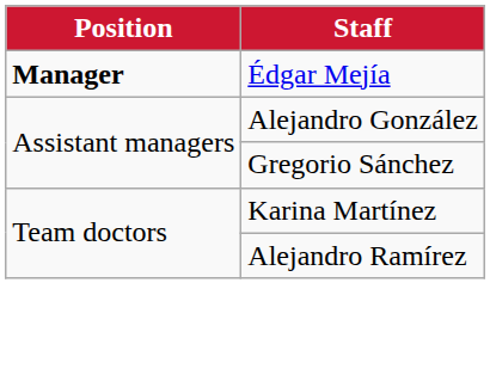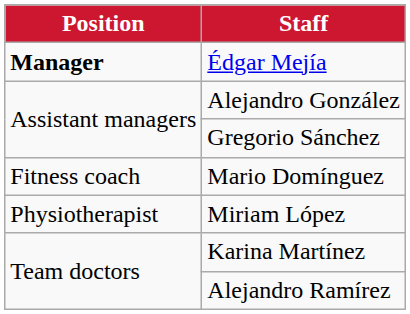 <table class="wikitable">
 <tr>
 <th style=background-color:#CD1731;color:#FFFFFF>Position</th>
 <th style=background-color:#CD1731;color:#FFFFFF>Staff</th>
 </tr>
 <tr>
 <td><strong>Manager</strong></td>
 <td> <a href='#'>Édgar Mejía</a></td>
 </tr>
 <tr>
 <td rowspan="2">Assistant managers</td>
 <td> Alejandro González</td>
 </tr>
 <tr>
 <td> Gregorio Sánchez</td>
 </tr>
 <tr>
+<td>Fitness coach</td>
+<td> Mario Domínguez</td>
+</tr>
+<tr>
+<td>Physiotherapist</td>
+<td> Miriam López</td>
+</tr>
+<tr>
 <td rowspan="2">Team doctors</td>
 <td> Karina Martínez</td>
 </tr>
 <tr>
 <td> Alejandro Ramírez</td>
 </tr>
 </table>
